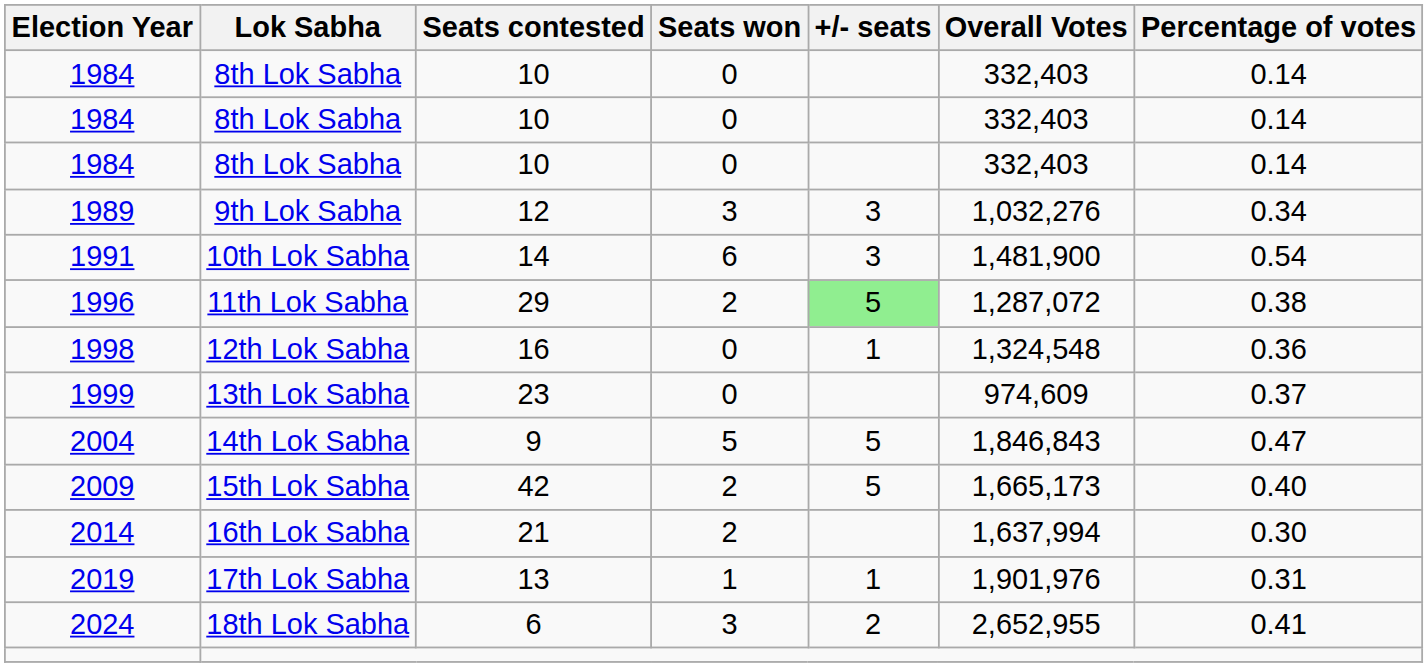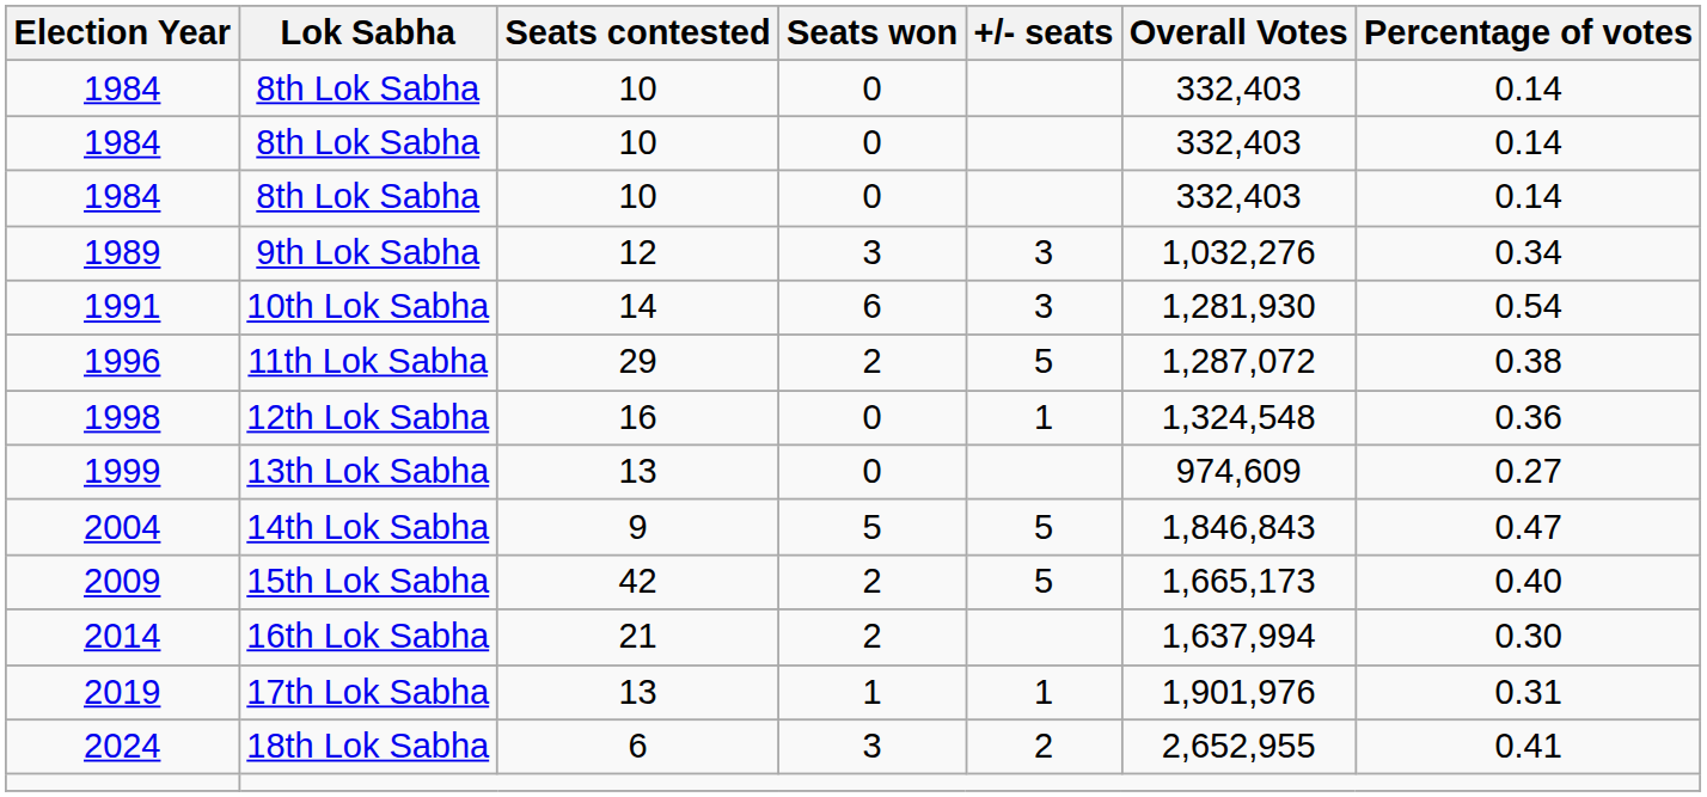 <table class="wikitable" style="text-align:center">
 <tr>
 <th Style="background-color:">Election Year</th>
 <th Style="background-color:">Lok Sabha</th>
 <th Style="background-color:">Seats contested</th>
 <th Style="background-color:">Seats won</th>
 <th Style="background-color:">+/- seats</th>
 <th Style="background-color:">Overall Votes</th>
 <th Style="background-color:">Percentage of votes</th>
 </tr>
 <tr>
 <td><a href='#'>1984</a></td>
 <td><a href='#'>8th Lok Sabha</a></td>
 <td>10</td>
 <td>0</td>
 <td></td>
 <td>332,403</td>
 <td>0.14</td>
 </tr>
 <tr>
 <td><a href='#'>1984</a></td>
 <td><a href='#'>8th Lok Sabha</a></td>
 <td>10</td>
 <td>0</td>
 <td></td>
 <td>332,403</td>
 <td>0.14</td>
 </tr>
 <tr>
 <td><a href='#'>1984</a></td>
 <td><a href='#'>8th Lok Sabha</a></td>
 <td>10</td>
 <td>0</td>
 <td></td>
 <td>332,403</td>
 <td>0.14</td>
 </tr>
 <tr>
 <td><a href='#'>1989</a></td>
 <td><a href='#'>9th Lok Sabha</a></td>
 <td>12</td>
 <td>3</td>
 <td>3</td>
 <td>1,032,276</td>
 <td>0.34</td>
 </tr>
 <tr>
 <td><a href='#'>1991</a></td>
 <td><a href='#'>10th Lok Sabha</a></td>
 <td>14</td>
 <td>6</td>
 <td>3</td>
-<td>1,481,900</td>
+<td>1,281,930</td>
 <td>0.54</td>
 </tr>
 <tr>
 <td><a href='#'>1996</a></td>
 <td><a href='#'>11th Lok Sabha</a></td>
 <td>29</td>
 <td>2</td>
-<td style="background: lightgreen;">5</td>
+<td>5</td>
 <td>1,287,072</td>
 <td>0.38</td>
 </tr>
 <tr>
 <td><a href='#'>1998</a></td>
 <td><a href='#'>12th Lok Sabha</a></td>
 <td>16</td>
 <td>0</td>
 <td>1</td>
 <td>1,324,548</td>
 <td>0.36</td>
 </tr>
 <tr>
 <td><a href='#'>1999</a></td>
 <td><a href='#'>13th Lok Sabha</a></td>
-<td>23</td>
+<td>13</td>
 <td>0</td>
 <td></td>
 <td>974,609</td>
-<td>0.37</td>
+<td>0.27</td>
 </tr>
 <tr>
 <td><a href='#'>2004</a></td>
 <td><a href='#'>14th Lok Sabha</a></td>
 <td>9</td>
 <td>5</td>
 <td>5</td>
 <td>1,846,843</td>
 <td>0.47</td>
 </tr>
 <tr>
 <td><a href='#'>2009</a></td>
 <td><a href='#'>15th Lok Sabha</a></td>
 <td>42</td>
 <td>2</td>
 <td>5</td>
 <td>1,665,173</td>
 <td>0.40</td>
 </tr>
 <tr>
 <td><a href='#'>2014</a></td>
 <td><a href='#'>16th Lok Sabha</a></td>
 <td>21</td>
 <td>2</td>
 <td></td>
 <td>1,637,994</td>
 <td>0.30</td>
 </tr>
 <tr>
 <td><a href='#'>2019</a></td>
 <td><a href='#'>17th Lok Sabha</a></td>
 <td>13</td>
 <td>1</td>
 <td>1</td>
 <td>1,901,976</td>
 <td>0.31</td>
 </tr>
 <tr>
 <td><a href='#'>2024</a></td>
 <td><a href='#'>18th Lok Sabha</a></td>
 <td>6</td>
 <td>3</td>
 <td>2</td>
 <td>2,652,955</td>
 <td>0.41</td>
 </tr>
 <tr>
 <td></td>
 </tr>
 </table>
